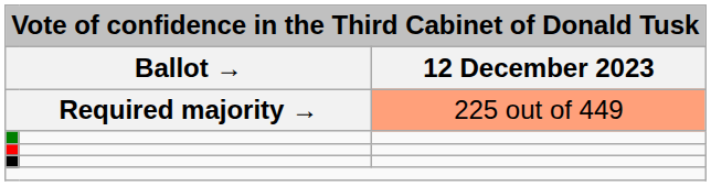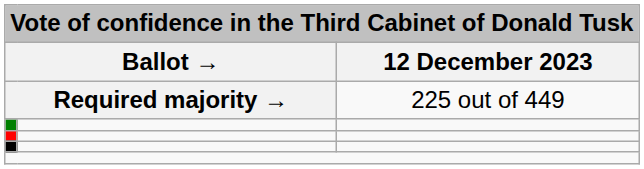 <table class="wikitable" style="text-align:center;">
 <tr>
 <td colspan="3" align="center" bgcolor="#C0C0C0"><strong>Vote of confidence in the Third Cabinet of Donald Tusk</strong></td>
 </tr>
 <tr>
 <th colspan="2" style="width:150px;">Ballot →</th>
 <th>12 December 2023</th>
 </tr>
 <tr>
 <th colspan="2">Required majority →</th>
-<td style="background: lightsalmon;">225 out of 449 </td>
+<td>225 out of 449 </td>
 </tr>
 <tr>
 <th style="width:1px; background:green;"></th>
 <td style="text-align:left;"></td>
 <td></td>
 </tr>
 <tr>
 <th style="background:red;"></th>
 <td style="text-align:left;"></td>
 <td rowspan="1"></td>
 </tr>
 <tr>
 <th style="background:black;"></th>
 <td style="text-align:left;"></td>
 <td></td>
 </tr>
 <tr>
 <td style="text-align:left;" colspan="3"></td>
 </tr>
 </table>
